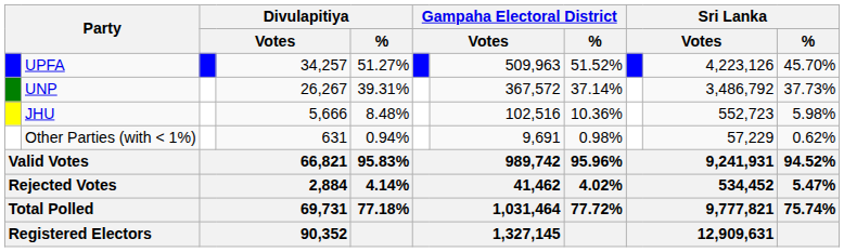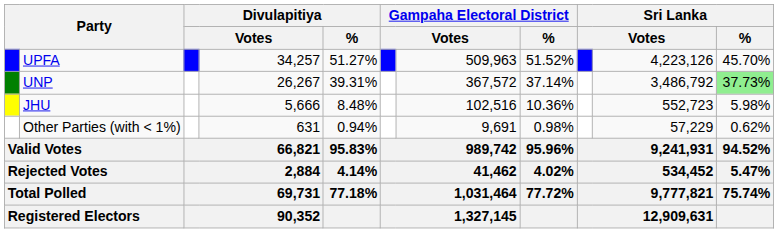 <table class="wikitable">
 <tr>
 <th colspan="2" width="144px"rowspan="2">Party</th>
 <th colspan="3" width="216px">Divulapitiya</th>
 <th colspan="3" width="216px"><a href='#'>Gampaha Electoral District</a></th>
 <th colspan="3" width="216px">Sri Lanka</th>
 </tr>
 <tr>
 <th colspan="2" width="144px">Votes</th>
 <th>%</th>
 <th colspan="2" width="144px">Votes</th>
 <th>%</th>
 <th colspan="2" width="144px">Votes</th>
 <th>%</th>
 </tr>
 <tr>
 <td style="background-color:blue;" width="10px"></td>
 <td style="text-align:left;"><a href='#'>UPFA</a></td>
 <td style="background-color:blue;" width="10px"></td>
 <td style="text-align:right;">34,257</td>
 <td style="text-align:right;">51.27%</td>
 <td style="background-color:blue;" width="10px"></td>
 <td style="text-align:right;">509,963</td>
 <td style="text-align:right;">51.52%</td>
 <td style="background-color:blue;" width="10px"></td>
 <td style="text-align:right;">4,223,126</td>
 <td style="text-align:right;">45.70%</td>
 </tr>
 <tr>
 <td style="background-color:green;" width="10px"></td>
 <td style="text-align:left;"><a href='#'>UNP</a></td>
 <td style="background-color:white;" width="10px"></td>
 <td style="text-align:right;">26,267</td>
 <td style="text-align:right;">39.31%</td>
 <td style="background-color:white;" width="10px"></td>
 <td style="text-align:right;">367,572</td>
 <td style="text-align:right;">37.14%</td>
 <td style="background-color:white;" width="10px"></td>
 <td style="text-align:right;">3,486,792</td>
-<td style="text-align:right;">37.73%</td>
+<td style="background: lightgreen; text-align:right;">37.73%</td>
 </tr>
 <tr>
 <td style="background-color:yellow;" width="10px"></td>
 <td style="text-align:left;"><a href='#'>JHU</a></td>
 <td style="background-color:white;" width="10px"></td>
 <td style="text-align:right;">5,666</td>
 <td style="text-align:right;">8.48%</td>
 <td style="background-color:white;" width="10px"></td>
 <td style="text-align:right;">102,516</td>
 <td style="text-align:right;">10.36%</td>
 <td style="background-color:white;" width="10px"></td>
 <td style="text-align:right;">552,723</td>
 <td style="text-align:right;">5.98%</td>
 </tr>
 <tr>
 <td style="background-color:white;" width="10px"></td>
 <td style="text-align:left;">Other Parties (with < 1%)</td>
 <td style="background-color:white;" width="10px"></td>
 <td style="text-align:right;">631</td>
 <td style="text-align:right;">0.94%</td>
 <td style="background-color:white;" width="10px"></td>
 <td style="text-align:right;">9,691</td>
 <td style="text-align:right;">0.98%</td>
 <td style="background-color:white;" width="10px"></td>
 <td style="text-align:right;">57,229</td>
 <td style="text-align:right;">0.62%</td>
 </tr>
 <tr>
 <th colspan="2" width="144px"style="text-align:left;">Valid Votes</th>
 <th style="text-align:right;"colspan="2" width="144px">66,821</th>
 <th style="text-align:right;">95.83%</th>
 <th style="text-align:right;"colspan="2" width="144px">989,742</th>
 <th style="text-align:right;">95.96%</th>
 <th style="text-align:right;"colspan="2" width="144px">9,241,931</th>
 <th style="text-align:right;">94.52%</th>
 </tr>
 <tr>
 <th colspan="2" width="144px"style="text-align:left;">Rejected Votes</th>
 <th style="text-align:right;"colspan="2" width="144px">2,884</th>
 <th style="text-align:right;">4.14%</th>
 <th style="text-align:right;"colspan="2" width="144px">41,462</th>
 <th style="text-align:right;">4.02%</th>
 <th style="text-align:right;"colspan="2" width="144px">534,452</th>
 <th style="text-align:right;">5.47%</th>
 </tr>
 <tr>
 <th colspan="2" width="144px"style="text-align:left;">Total Polled</th>
 <th style="text-align:right;"colspan="2" width="144px">69,731</th>
 <th style="text-align:right;">77.18%</th>
 <th style="text-align:right;"colspan="2" width="144px">1,031,464</th>
 <th style="text-align:right;">77.72%</th>
 <th style="text-align:right;"colspan="2" width="144px">9,777,821</th>
 <th style="text-align:right;">75.74%</th>
 </tr>
 <tr>
 <th colspan="2" width="144px"style="text-align:left;">Registered Electors</th>
 <th style="text-align:right;"colspan="2" width="144px">90,352</th>
 <th></th>
 <th style="text-align:right;"colspan="2" width="144px">1,327,145</th>
 <th></th>
 <th style="text-align:right;"colspan="2" width="144px">12,909,631</th>
 <th></th>
 </tr>
 </table>
